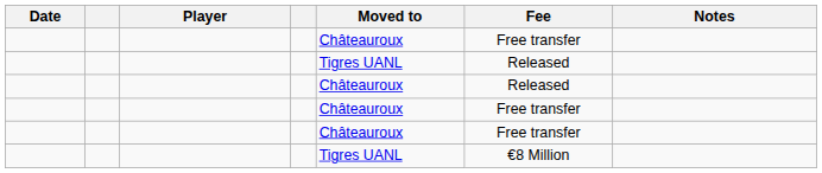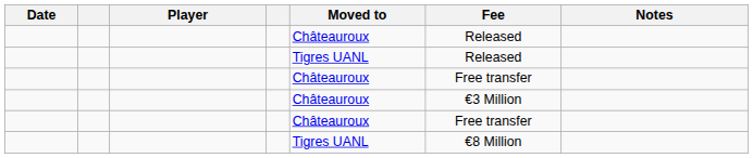 <table class="wikitable sortable">
 <tr>
 <th style="width:80px;">Date</th>
 <th style="width:30px;"></th>
 <th style="width:180px;">Player</th>
 <th style="width:20px;"></th>
 <th style="width:155px;">Moved to</th>
 <th style="width:155px;" class="unsortable">Fee</th>
 <th style="width:215px;" class="unsortable">Notes</th>
 </tr>
 <tr>
 <td></td>
 <td align=center></td>
 <td> </td>
 <td></td>
 <td> <a href='#'>Châteauroux</a></td>
-<td align=center>Free transfer</td>
+<td align=center>Released</td>
 <td align=center></td>
 </tr>
 <tr>
 <td></td>
 <td align=center></td>
 <td> </td>
 <td></td>
 <td> <a href='#'>Tigres UANL</a></td>
 <td align=center>Released</td>
 <td align=center></td>
 </tr>
 <tr>
 <td></td>
 <td align=center></td>
 <td> </td>
 <td></td>
 <td> <a href='#'>Châteauroux</a></td>
-<td align=center>Released</td>
+<td align=center>Free transfer</td>
 <td align=center></td>
 </tr>
 <tr>
 <td></td>
 <td align=center></td>
 <td> </td>
 <td></td>
 <td> <a href='#'>Châteauroux</a></td>
-<td align=center>Free transfer</td>
+<td align=center>€3 Million</td>
 <td align=center></td>
 </tr>
 <tr>
 <td></td>
 <td align=center></td>
 <td> </td>
 <td></td>
 <td> <a href='#'>Châteauroux</a></td>
 <td align=center>Free transfer</td>
 <td align=center></td>
 </tr>
 <tr>
 <td></td>
 <td align=center></td>
 <td> </td>
 <td></td>
 <td> <a href='#'>Tigres UANL</a></td>
 <td align=center>€8 Million</td>
 <td align=center></td>
 </tr>
 </table>
